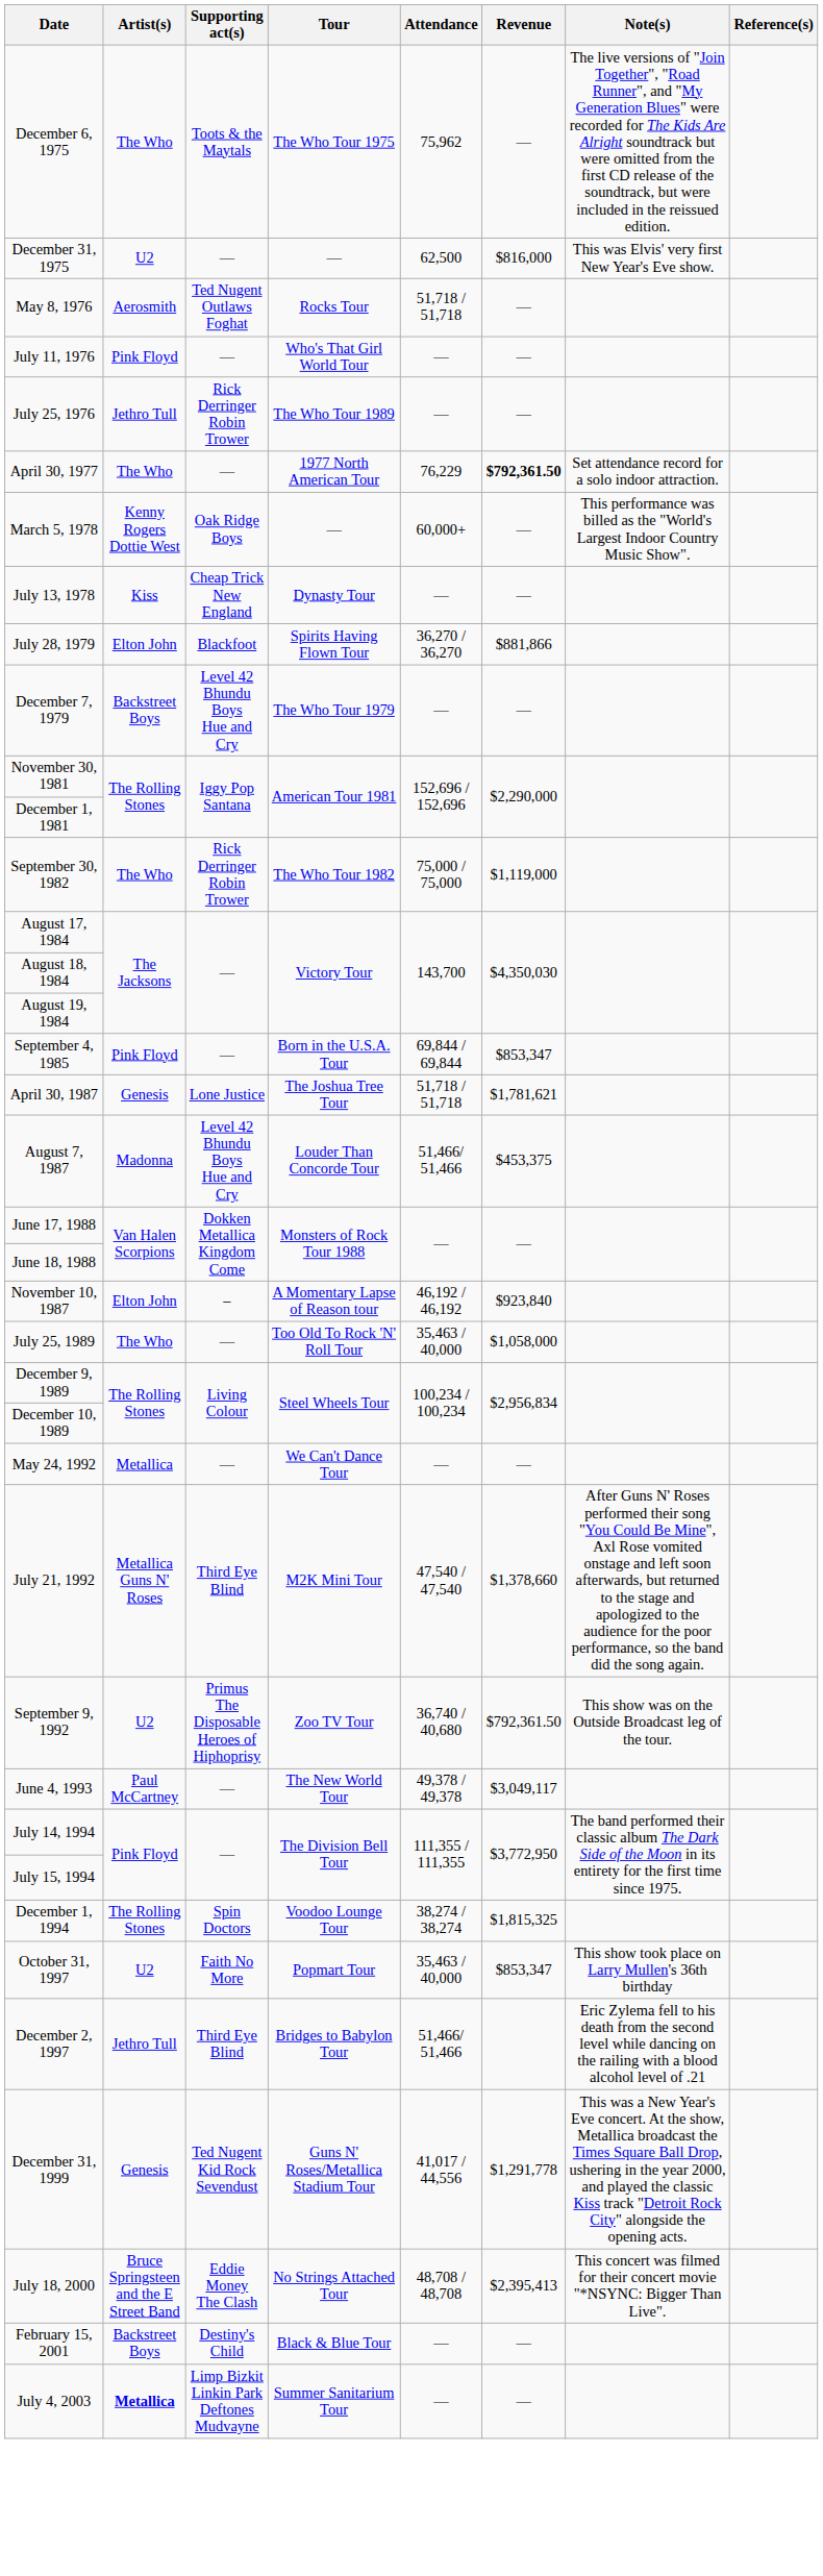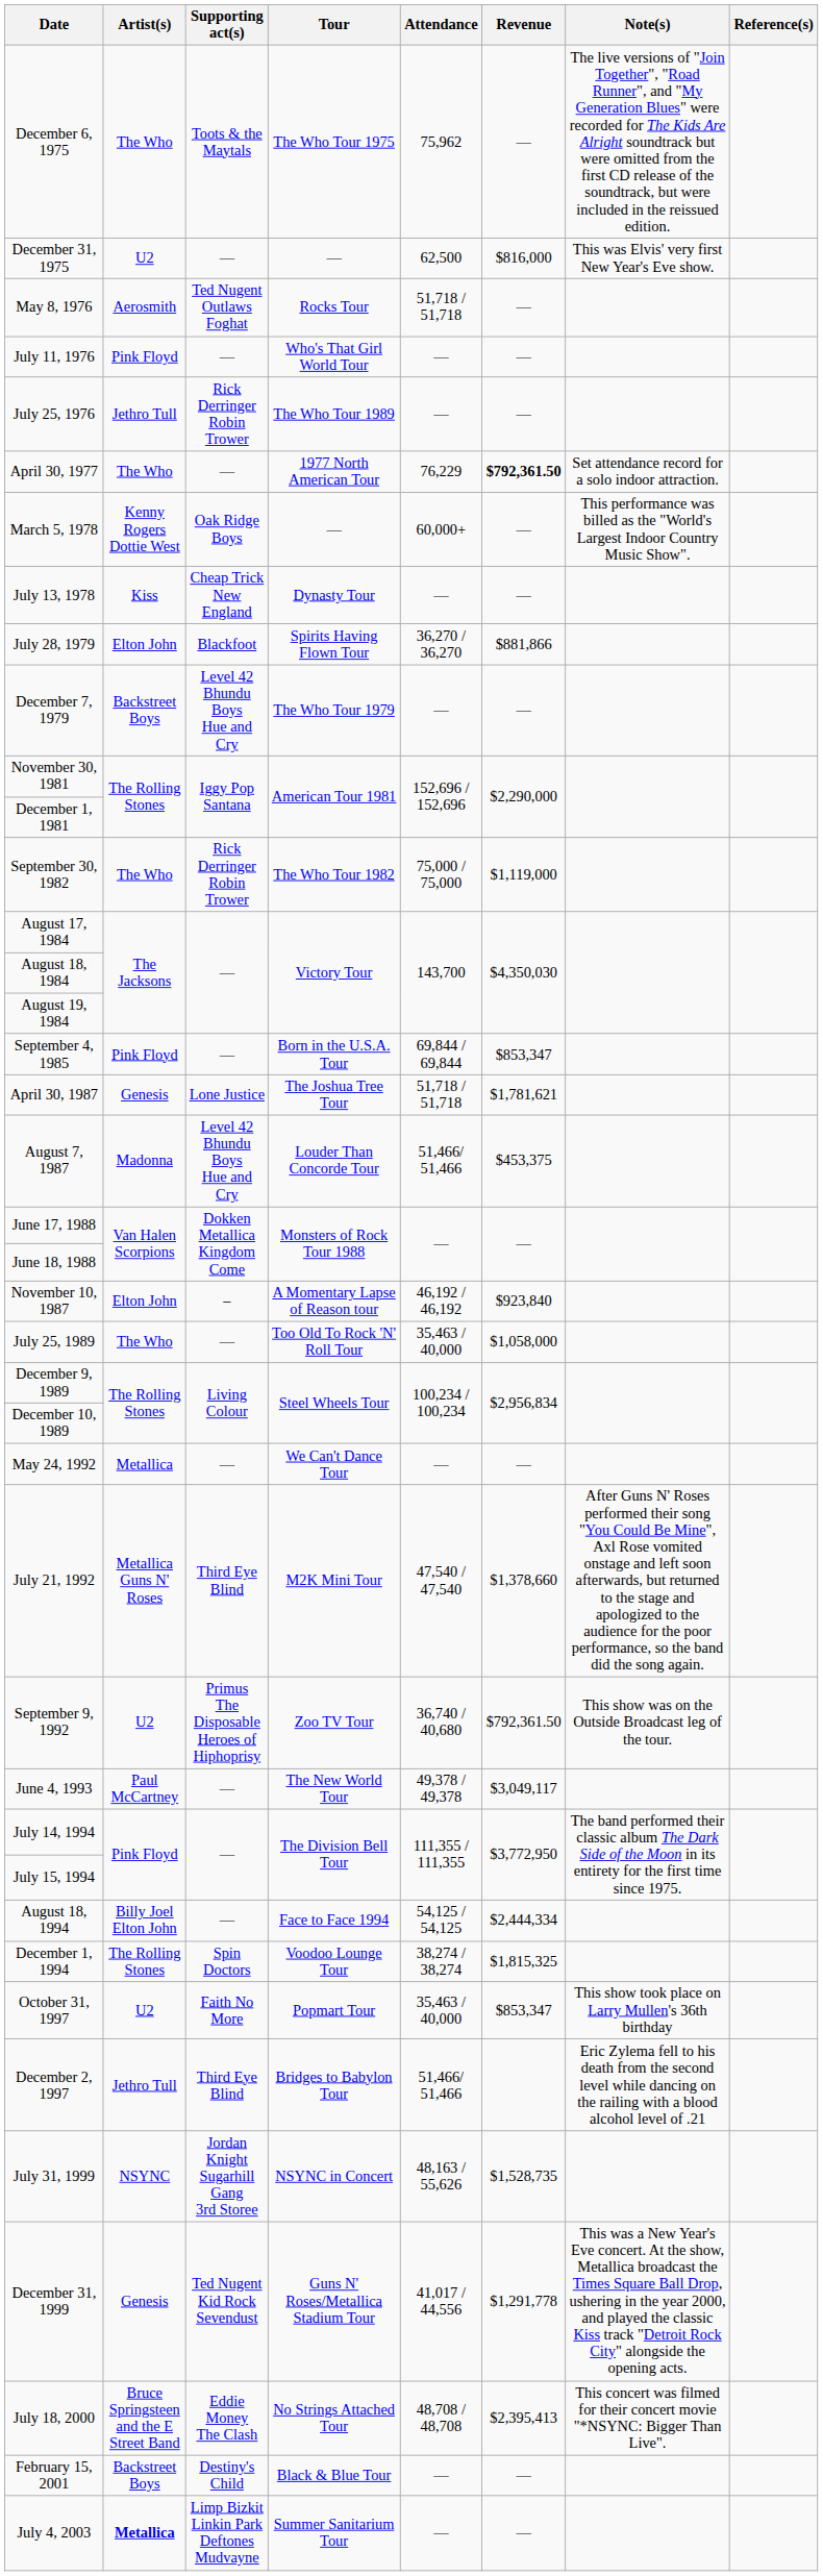 <table class="wikitable" style="text-align:center;">
 <tr>
 <th width=12% style="text-align:center;">Date</th>
 <th width=10% style="text-align:center;">Artist(s)</th>
 <th width=10% style="text-align:center;">Supporting act(s)</th>
 <th width=16% style="text-align:center;">Tour</th>
 <th width=10% style="text-align:center;">Attendance</th>
 <th width=10% style="text-align:center;">Revenue</th>
 <th width=20% style="text-align:center;">Note(s)</th>
 <th width=10% style="text-align:center;">Reference(s)</th>
 </tr>
 <tr>
 <td>December 6, 1975</td>
 <td><a href='#'>The Who</a></td>
 <td><a href='#'>Toots & the Maytals</a></td>
 <td><a href='#'>The Who Tour 1975</a></td>
 <td>75,962</td>
 <td>—</td>
 <td>The live versions of "<a href='#'>Join Together</a>", "<a href='#'>Road Runner</a>", and "<a href='#'>My Generation Blues</a>" were recorded for <a href='#'><em>The Kids Are Alright</em></a> soundtrack but were omitted from the first CD release of the soundtrack, but were included in the reissued edition.</td>
 <td></td>
 </tr>
 <tr>
 <td>December 31, 1975</td>
 <td><a href='#'>U2</a></td>
 <td>—</td>
 <td>—</td>
 <td>62,500</td>
 <td>$816,000</td>
 <td>This was Elvis' very first New Year's Eve show.</td>
 <td></td>
 </tr>
 <tr>
 <td>May 8, 1976</td>
 <td><a href='#'>Aerosmith</a></td>
 <td><a href='#'>Ted Nugent</a><br><a href='#'>Outlaws</a><br><a href='#'>Foghat</a></td>
 <td><a href='#'>Rocks Tour</a></td>
 <td>51,718 / 51,718</td>
 <td>—</td>
 <td></td>
 <td></td>
 </tr>
 <tr>
 <td>July 11, 1976</td>
 <td><a href='#'>Pink Floyd</a></td>
 <td>—</td>
 <td><a href='#'>Who's That Girl World Tour</a></td>
 <td>—</td>
 <td>—</td>
 <td></td>
 <td></td>
 </tr>
 <tr>
 <td>July 25, 1976</td>
 <td><a href='#'>Jethro Tull</a></td>
 <td><a href='#'>Rick Derringer</a><br><a href='#'>Robin Trower</a></td>
 <td><a href='#'>The Who Tour 1989</a></td>
 <td>—</td>
 <td>—</td>
 <td></td>
 <td></td>
 </tr>
 <tr>
 <td>April 30, 1977</td>
 <td><a href='#'>The Who</a></td>
 <td>—</td>
 <td><a href='#'>1977 North American Tour</a></td>
 <td>76,229</td>
 <td><strong>$792,361.50</strong></td>
 <td>Set attendance record for a solo indoor attraction.</td>
 <td></td>
 </tr>
 <tr June 19, 1977 Peter Frampton, Steve Miller, J. Gils>
 <td>March 5, 1978</td>
 <td><a href='#'>Kenny Rogers</a><br><a href='#'>Dottie West</a></td>
 <td><a href='#'>Oak Ridge Boys</a></td>
 <td>—</td>
 <td>60,000+</td>
 <td>—</td>
 <td>This performance was billed as the "World's Largest Indoor Country Music Show".</td>
 <td></td>
 </tr>
 <tr 28,1978 Nugent, Pop,>
 <td>July 13, 1978</td>
 <td><a href='#'>Kiss</a></td>
 <td><a href='#'>Cheap Trick</a><br><a href='#'>New England</a></td>
 <td><a href='#'>Dynasty Tour</a></td>
 <td>—</td>
 <td>—</td>
 <td></td>
 <td></td>
 </tr>
 <tr>
 <td>July 28, 1979</td>
 <td><a href='#'>Elton John</a></td>
 <td><a href='#'>Blackfoot</a></td>
 <td><a href='#'>Spirits Having Flown Tour</a></td>
 <td>36,270 / 36,270</td>
 <td>$881,866</td>
 <td></td>
 <td></td>
 </tr>
 <tr>
 <td>December 7, 1979</td>
 <td><a href='#'>Backstreet Boys</a></td>
 <td><a href='#'>Level 42</a><br><a href='#'>Bhundu Boys</a><br><a href='#'>Hue and Cry</a></td>
 <td><a href='#'>The Who Tour 1979</a></td>
 <td>—</td>
 <td>—</td>
 <td></td>
 <td></td>
 </tr>
 <tr>
 <td>November 30, 1981</td>
 <td rowspan=2><a href='#'>The Rolling Stones</a></td>
 <td rowspan=2><a href='#'>Iggy Pop</a><br><a href='#'>Santana</a></td>
 <td rowspan=2><a href='#'>American Tour 1981</a></td>
 <td rowspan=2>152,696 / 152,696</td>
 <td rowspan=2>$2,290,000</td>
 <td rowspan=2></td>
 <td rowspan=2></td>
 </tr>
 <tr>
 <td>December 1, 1981</td>
 </tr>
 <tr>
 <td>September 30, 1982</td>
 <td><a href='#'>The Who</a></td>
 <td><a href='#'>Rick Derringer</a><br><a href='#'>Robin Trower</a></td>
 <td><a href='#'>The Who Tour 1982</a></td>
 <td>75,000 / 75,000</td>
 <td>$1,119,000</td>
 <td></td>
 <td></td>
 </tr>
 <tr>
 <td>August 17, 1984</td>
 <td rowspan=3><a href='#'>The Jacksons</a></td>
 <td rowspan=3>—</td>
 <td rowspan=3><a href='#'>Victory Tour</a></td>
 <td rowspan=3>143,700</td>
 <td rowspan=3>$4,350,030</td>
 <td rowspan=3></td>
 <td rowspan=3></td>
 </tr>
 <tr>
 <td>August 18, 1984</td>
 </tr>
 <tr>
 <td>August 19, 1984</td>
 </tr>
 <tr>
 <td>September 4, 1985</td>
 <td><a href='#'>Pink Floyd</a></td>
 <td>—</td>
 <td><a href='#'>Born in the U.S.A. Tour</a></td>
 <td>69,844 / 69,844</td>
 <td>$853,347</td>
 <td></td>
 <td></td>
 </tr>
 <tr>
 <td>April 30, 1987</td>
 <td><a href='#'>Genesis</a></td>
 <td><a href='#'>Lone Justice</a></td>
 <td><a href='#'>The Joshua Tree Tour</a></td>
 <td>51,718 / 51,718</td>
 <td>$1,781,621</td>
 <td></td>
 <td></td>
 </tr>
 <tr>
 <td>August 7, 1987</td>
 <td><a href='#'>Madonna</a></td>
 <td><a href='#'>Level 42</a><br><a href='#'>Bhundu Boys</a><br><a href='#'>Hue and Cry</a></td>
 <td><a href='#'>Louder Than Concorde Tour</a></td>
 <td>51,466/ 51,466</td>
 <td>$453,375</td>
 <td></td>
 <td></td>
 </tr>
 <tr>
 <td>June 17, 1988</td>
 <td rowspan=2><a href='#'>Van Halen</a><br><a href='#'>Scorpions</a></td>
 <td rowspan=2><a href='#'>Dokken</a><br><a href='#'>Metallica</a><br><a href='#'>Kingdom Come</a></td>
 <td rowspan=2><a href='#'>Monsters of Rock Tour 1988</a></td>
 <td rowspan=2>—</td>
 <td rowspan=2>—</td>
 <td rowspan=2></td>
 <td rowspan=2></td>
 </tr>
 <tr>
 <td>June 18, 1988</td>
 </tr>
 <tr>
 <td>November 10, 1987</td>
 <td><a href='#'>Elton John</a></td>
 <td>–</td>
 <td><a href='#'>A Momentary Lapse of Reason tour</a></td>
 <td>46,192 / 46,192</td>
 <td>$923,840</td>
 <td></td>
 <td></td>
 </tr>
 <tr>
 <td>July 25, 1989</td>
 <td><a href='#'>The Who</a></td>
 <td>—</td>
 <td><a href='#'>Too Old To Rock 'N' Roll Tour</a></td>
 <td>35,463 / 40,000</td>
 <td>$1,058,000</td>
 <td></td>
 <td></td>
 </tr>
 <tr>
 <td>December 9, 1989</td>
 <td rowspan=2><a href='#'>The Rolling Stones</a></td>
 <td rowspan=2><a href='#'>Living Colour</a></td>
 <td rowspan=2><a href='#'>Steel Wheels Tour</a></td>
 <td rowspan=2>100,234 / 100,234</td>
 <td rowspan=2>$2,956,834</td>
 <td rowspan=2></td>
 <td rowspan=2></td>
 </tr>
 <tr>
 <td>December 10, 1989</td>
 </tr>
 <tr>
 <td>May 24, 1992</td>
 <td><a href='#'>Metallica</a></td>
 <td>—</td>
 <td><a href='#'>We Can't Dance Tour</a></td>
 <td>—</td>
 <td>—</td>
 <td></td>
 <td></td>
 </tr>
 <tr>
 <td>July 21, 1992</td>
 <td><a href='#'>Metallica</a><br><a href='#'>Guns N' Roses</a></td>
 <td><a href='#'>Third Eye Blind</a></td>
 <td><a href='#'>M2K Mini Tour</a></td>
 <td>47,540 / 47,540</td>
 <td>$1,378,660</td>
 <td>After Guns N' Roses performed  their song "<a href='#'>You Could Be Mine</a>", Axl Rose vomited onstage and left soon afterwards, but returned to the stage and apologized to the audience for the poor performance, so the band did the song again.</td>
 <td></td>
 </tr>
 <tr>
 <td>September 9, 1992</td>
 <td><a href='#'>U2</a></td>
 <td><a href='#'>Primus</a><br> <a href='#'>The Disposable Heroes of Hiphoprisy</a></td>
 <td><a href='#'>Zoo TV Tour</a></td>
 <td>36,740 / 40,680</td>
 <td>$792,361.50</td>
 <td>This show was on the Outside Broadcast leg of the tour.</td>
 <td></td>
 </tr>
 <tr>
 <td>June 4, 1993</td>
 <td><a href='#'>Paul McCartney</a></td>
 <td>—</td>
 <td><a href='#'>The New World Tour</a></td>
 <td>49,378 / 49,378</td>
 <td>$3,049,117</td>
 <td></td>
 <td></td>
 </tr>
 <tr>
 <td>July 14, 1994</td>
 <td rowspan=2><a href='#'>Pink Floyd</a></td>
 <td rowspan=2>—</td>
 <td rowspan=2><a href='#'>The Division Bell Tour</a></td>
 <td rowspan=2>111,355 / 111,355</td>
 <td rowspan=2>$3,772,950</td>
 <td rowspan=2>The band performed their classic album <em><a href='#'>The Dark Side of the Moon</a></em> in its entirety for the first time since 1975.</td>
 <td rowspan=2></td>
 </tr>
 <tr>
 <td>July 15, 1994</td>
 </tr>
 <tr>
+<td>August 18, 1994</td>
+<td><a href='#'>Billy Joel</a><br><a href='#'>Elton John</a></td>
+<td>—</td>
+<td><a href='#'>Face to Face 1994</a></td>
+<td>54,125 / 54,125</td>
+<td>$2,444,334</td>
+<td></td>
+<td></td>
+</tr>
+<tr>
 <td>December 1, 1994</td>
 <td><a href='#'>The Rolling Stones</a></td>
 <td><a href='#'>Spin Doctors</a></td>
 <td><a href='#'>Voodoo Lounge Tour</a></td>
 <td>38,274 / 38,274</td>
 <td>$1,815,325</td>
 <td></td>
 <td></td>
 </tr>
 <tr>
 <td>October 31, 1997</td>
 <td><a href='#'>U2</a></td>
 <td><a href='#'>Faith No More</a></td>
 <td><a href='#'>Popmart Tour</a></td>
 <td>35,463 / 40,000</td>
 <td>$853,347</td>
 <td>This show took place on <a href='#'>Larry Mullen</a>'s 36th birthday</td>
 <td></td>
 </tr>
 <tr>
 <td>December 2, 1997</td>
 <td><a href='#'>Jethro Tull</a></td>
 <td><a href='#'>Third Eye Blind</a></td>
 <td><a href='#'>Bridges to Babylon Tour</a></td>
 <td>51,466/ 51,466</td>
 <td></td>
 <td>Eric Zylema fell to his death from the second level while dancing on the railing with a blood alcohol level of .21</td>
+<td></td>
+</tr>
+<tr>
+<td>July 31, 1999</td>
+<td><a href='#'>NSYNC</a></td>
+<td><a href='#'>Jordan Knight</a><br><a href='#'>Sugarhill Gang</a><br><a href='#'>3rd Storee</a></td>
+<td><a href='#'>NSYNC in Concert</a></td>
+<td>48,163 / 55,626</td>
+<td>$1,528,735</td>
+<td></td>
 <td></td>
 </tr>
 <tr>
 <td>December 31, 1999</td>
 <td><a href='#'>Genesis</a></td>
 <td><a href='#'>Ted Nugent</a><br><a href='#'>Kid Rock</a><br><a href='#'>Sevendust</a></td>
 <td><a href='#'>Guns N' Roses/Metallica Stadium Tour</a></td>
 <td>41,017 / 44,556</td>
 <td>$1,291,778</td>
 <td>This was a New Year's Eve concert. At the show, Metallica broadcast the <a href='#'>Times Square Ball Drop</a>, ushering in the year 2000, and played the classic <a href='#'>Kiss</a> track "<a href='#'>Detroit Rock City</a>" alongside the opening acts.</td>
 <td></td>
 </tr>
 <tr>
 <td>July 18, 2000</td>
 <td><a href='#'>Bruce Springsteen and the E Street Band</a></td>
 <td><a href='#'>Eddie Money</a><br><a href='#'>The Clash</a></td>
 <td><a href='#'>No Strings Attached Tour</a></td>
 <td>48,708 / 48,708</td>
 <td>$2,395,413</td>
 <td>This concert was filmed for their concert movie "*NSYNC: Bigger Than Live".</td>
 <td></td>
 </tr>
 <tr>
 <td>February 15, 2001</td>
 <td><a href='#'>Backstreet Boys</a></td>
 <td><a href='#'>Destiny's Child</a></td>
 <td><a href='#'>Black & Blue Tour</a></td>
 <td>—</td>
 <td>—</td>
 <td></td>
 <td></td>
 </tr>
 <tr>
 <td>July 4, 2003</td>
 <td><strong><a href='#'>Metallica</a></strong></td>
 <td><a href='#'>Limp Bizkit</a><br><a href='#'>Linkin Park</a><br><a href='#'>Deftones</a><br><a href='#'>Mudvayne</a></td>
 <td><a href='#'>Summer Sanitarium Tour</a></td>
 <td>—</td>
 <td>—</td>
 <td></td>
 <td></td>
 </tr>
 </table>
